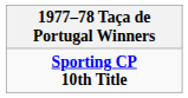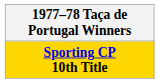 <table class="wikitable" style="text-align: center; margin: 0 auto; width: 20%">
 <tr>
 <th>1977–78 Taça de Portugal Winners</th>
 </tr>
 <tr>
-<td><strong><a href='#'>Sporting CP</a></strong><br><strong>10th Title</strong></td>
+<td style="background: gold;"><strong><a href='#'>Sporting CP</a></strong><br><strong>10th Title</strong></td>
 </tr>
 </table>
